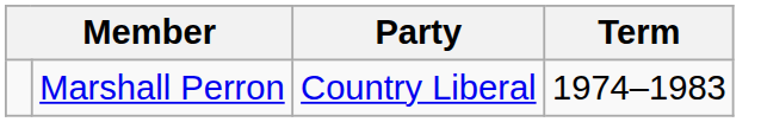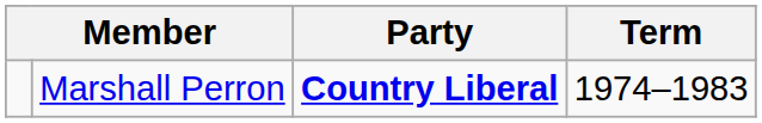 <table class="wikitable">
 <tr>
 <th colspan="2">Member</th>
 <th>Party</th>
 <th>Term</th>
 </tr>
 <tr>
 <td> </td>
 <td><a href='#'>Marshall Perron</a></td>
-<td><a href='#'>Country Liberal</a></td>
+<td><strong><a href='#'>Country Liberal</a></strong></td>
 <td>1974–1983</td>
 </tr>
 </table>
